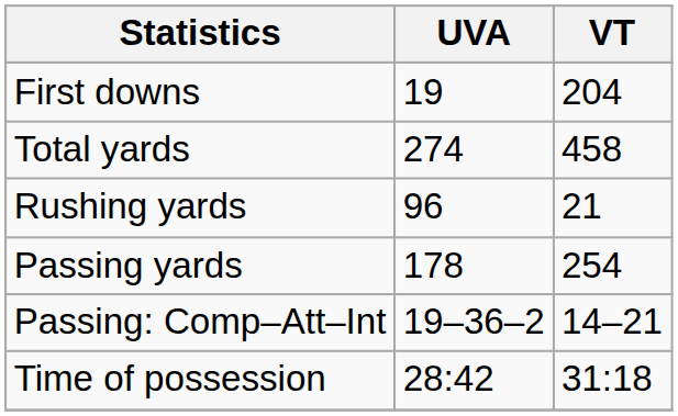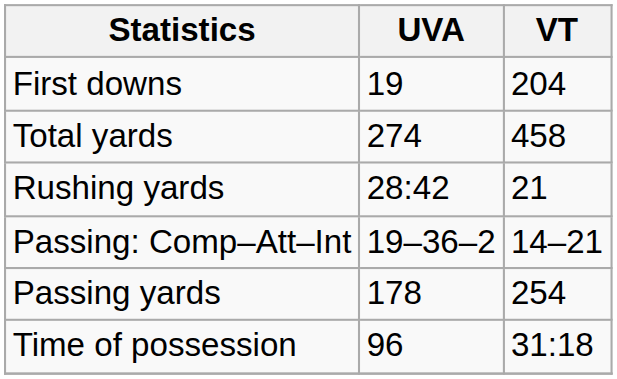 <table class="wikitable" style="float: left;">
 <tr>
 <th>Statistics</th>
 <th>UVA</th>
 <th>VT</th>
 </tr>
 <tr>
 <td>First downs</td>
 <td>19</td>
 <td>204</td>
 </tr>
 <tr>
 <td>Total yards</td>
 <td>274</td>
 <td>458</td>
 </tr>
 <tr>
 <td>Rushing yards</td>
-<td>96</td>
+<td>28:42</td>
 <td>21</td>
+</tr>
+<tr>
+<td>Passing: Comp–Att–Int</td>
+<td>19–36–2</td>
+<td>14–21</td>
 </tr>
 <tr>
 <td>Passing yards</td>
 <td>178</td>
 <td>254</td>
 </tr>
 <tr>
-<td>Passing: Comp–Att–Int</td>
-<td>19–36–2</td>
-<td>14–21</td>
-</tr>
-<tr>
 <td>Time of possession</td>
-<td>28:42</td>
+<td>96</td>
 <td>31:18</td>
 </tr>
 <tr>
 </tr>
 </table>
